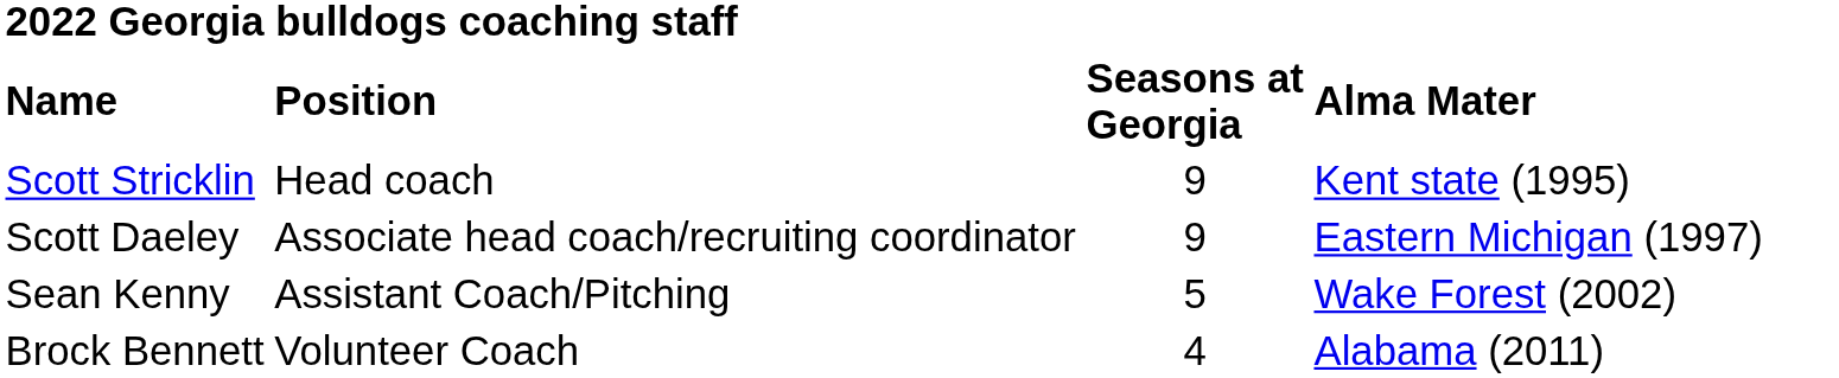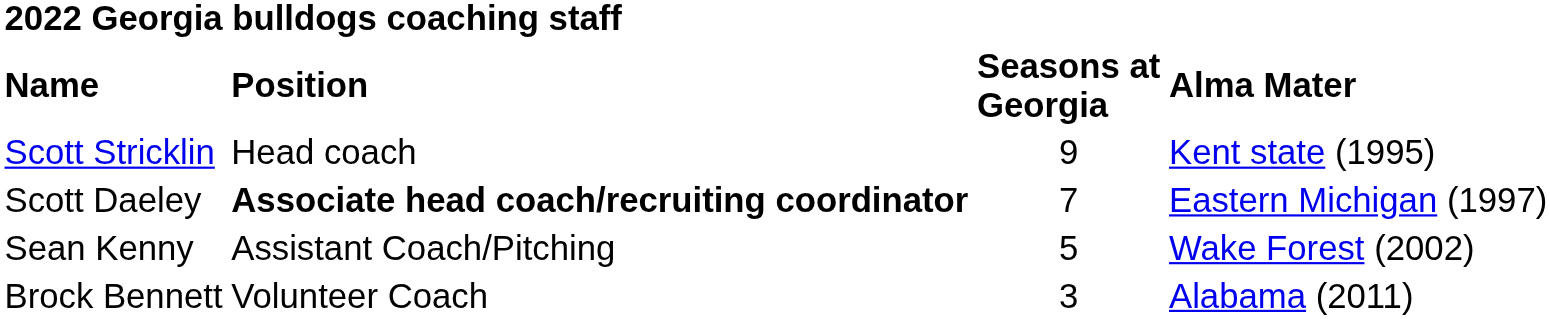 <table class="toccolours" style="text-align: left; ">
 <tr>
 <th colspan="9">2022 Georgia bulldogs coaching staff</th>
 </tr>
 <tr>
 <th>Name</th>
 <th>Position</th>
 <th>Seasons at<br>Georgia</th>
 <th>Alma Mater</th>
 </tr>
 <tr>
 <td><a href='#'>Scott Stricklin</a></td>
 <td>Head coach</td>
 <td align=center>9</td>
 <td><a href='#'>Kent state</a> (1995)</td>
 </tr>
 <tr>
 <td>Scott Daeley</td>
-<td>Associate head coach/recruiting coordinator</td>
-<td align=center>9</td>
+<td><strong>Associate head coach/recruiting coordinator</strong></td>
+<td align=center>7</td>
 <td><a href='#'>Eastern Michigan</a> (1997)</td>
 </tr>
 <tr>
 <td>Sean Kenny</td>
 <td>Assistant Coach/Pitching</td>
 <td align=center>5</td>
 <td><a href='#'>Wake Forest</a> (2002)</td>
 </tr>
 <tr>
 <td>Brock Bennett</td>
 <td>Volunteer Coach</td>
-<td align=center>4</td>
+<td align=center>3</td>
 <td><a href='#'>Alabama</a> (2011)</td>
 </tr>
 </table>
